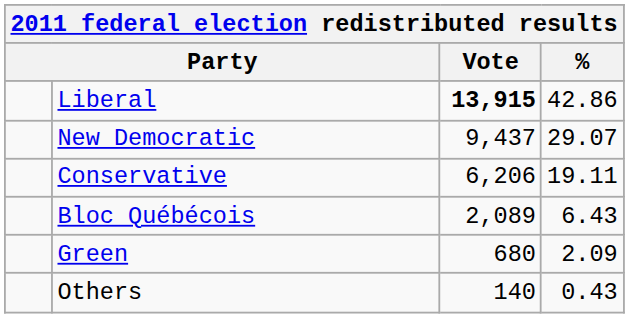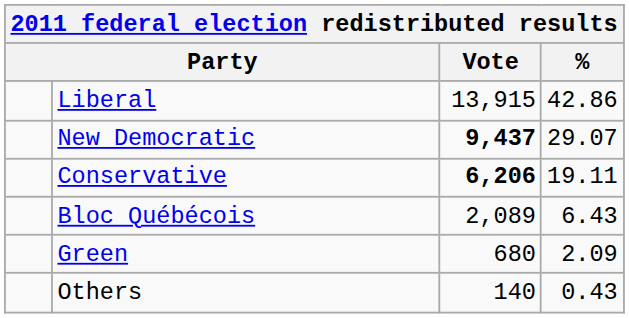 <table class="wikitable">
 <tr>
 <th colspan="4"><a href='#'>2011 federal election</a> redistributed results</th>
 </tr>
 <tr>
 <th bgcolor="#DDDDFF" width="130px" colspan="2">Party</th>
 <th bgcolor="#DDDDFF" width="50px">Vote</th>
 <th bgcolor="#DDDDFF" width="30px">%</th>
 </tr>
 <tr>
 <td> </td>
 <td><a href='#'>Liberal</a></td>
-<td align=right><strong>13,915</strong></td>
+<td align=right>13,915</td>
 <td align=right>42.86</td>
 </tr>
 <tr>
 <td> </td>
 <td><a href='#'>New Democratic</a></td>
-<td align=right>9,437</td>
+<td align=right><strong>9,437</strong></td>
 <td align=right>29.07</td>
 </tr>
 <tr>
 <td> </td>
 <td><a href='#'>Conservative</a></td>
-<td align=right>6,206</td>
+<td align=right><strong>6,206</strong></td>
 <td align=right>19.11</td>
 </tr>
 <tr>
 <td> </td>
 <td><a href='#'>Bloc Québécois</a></td>
 <td align=right>2,089</td>
 <td align=right>6.43</td>
 </tr>
 <tr>
 <td> </td>
 <td><a href='#'>Green</a></td>
 <td align=right>680</td>
 <td align=right>2.09</td>
 </tr>
 <tr>
 <td> </td>
 <td>Others</td>
 <td align=right>140</td>
 <td align=right>0.43</td>
 </tr>
 </table>
